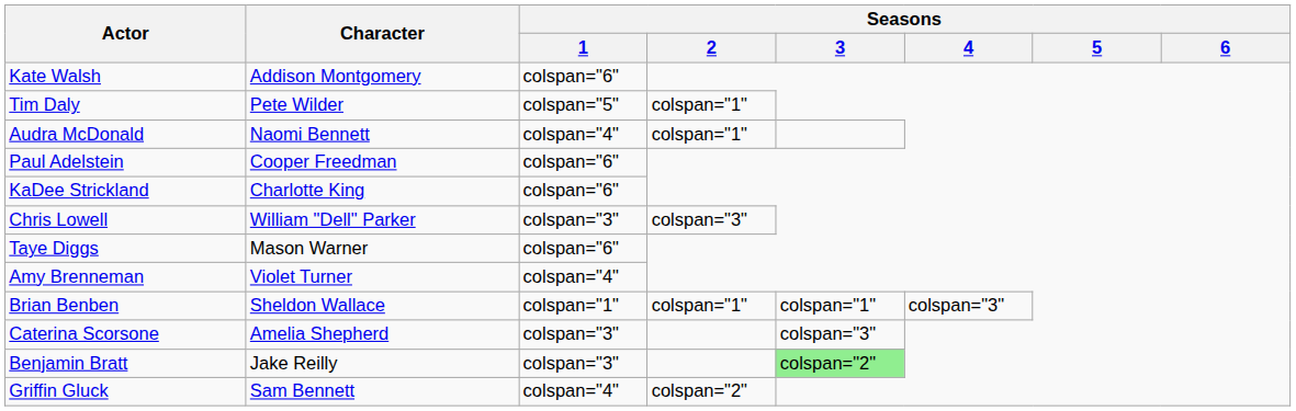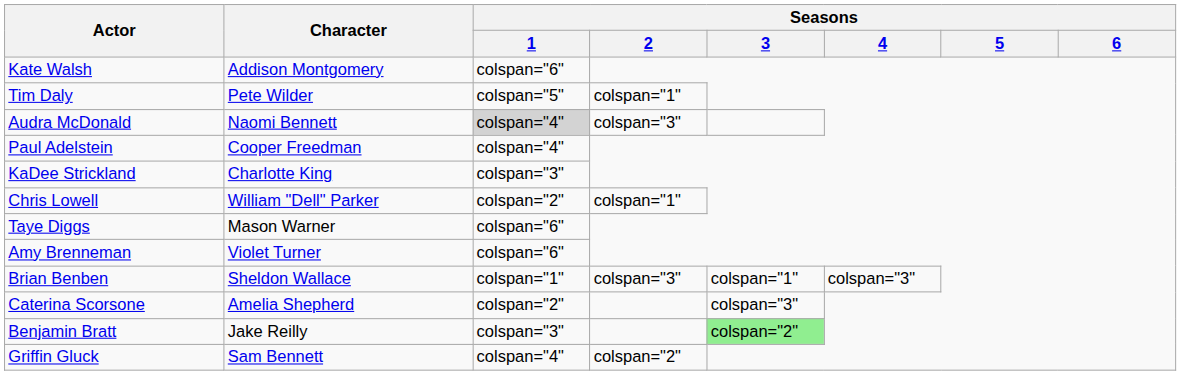 <table class="wikitable" width=90%>
 <tr>
 <th rowspan="2">Actor</th>
 <th rowspan="2">Character</th>
 <th colspan="6">Seasons</th>
 </tr>
 <tr>
 <th style="width:10%;"><a href='#'>1</a></th>
 <th style="width:10%;"><a href='#'>2</a></th>
 <th style="width:10%;"><a href='#'>3</a></th>
 <th style="width:10%;"><a href='#'>4</a></th>
 <th style="width:10%;"><a href='#'>5</a></th>
 <th style="width:10%;"><a href='#'>6</a></th>
 </tr>
 <tr>
 <td><a href='#'>Kate Walsh</a></td>
 <td><a href='#'>Addison Montgomery</a></td>
 <td>colspan="6" </td>
 </tr>
 <tr>
 <td><a href='#'>Tim Daly</a></td>
 <td><a href='#'>Pete Wilder</a></td>
 <td>colspan="5" </td>
 <td>colspan="1" </td>
 </tr>
 <tr>
 <td><a href='#'>Audra McDonald</a></td>
 <td><a href='#'>Naomi Bennett</a></td>
-<td>colspan="4" </td>
-<td>colspan="1" </td>
+<td style="background: lightgrey;">colspan="4" </td>
+<td>colspan="3" </td>
 <td></td>
 </tr>
 <tr>
 <td><a href='#'>Paul Adelstein</a></td>
 <td><a href='#'>Cooper Freedman</a></td>
-<td>colspan="6" </td>
+<td>colspan="4" </td>
 </tr>
 <tr>
 <td><a href='#'>KaDee Strickland</a></td>
 <td><a href='#'>Charlotte King</a></td>
-<td>colspan="6" </td>
+<td>colspan="3" </td>
 </tr>
 <tr>
 <td><a href='#'>Chris Lowell</a></td>
 <td><a href='#'>William "Dell" Parker</a></td>
-<td>colspan="3" </td>
-<td>colspan="3" </td>
+<td>colspan="2" </td>
+<td>colspan="1" </td>
 </tr>
 <tr>
 <td><a href='#'>Taye Diggs</a></td>
 <td>Mason Warner</td>
 <td>colspan="6" </td>
 </tr>
 <tr>
 <td><a href='#'>Amy Brenneman</a></td>
 <td><a href='#'>Violet Turner</a></td>
-<td>colspan="4" </td>
+<td>colspan="6" </td>
 </tr>
 <tr>
 <td><a href='#'>Brian Benben</a></td>
 <td><a href='#'>Sheldon Wallace</a></td>
 <td>colspan="1" </td>
-<td>colspan="1" </td>
+<td>colspan="3" </td>
 <td>colspan="1" </td>
 <td>colspan="3" </td>
 </tr>
 <tr>
 <td><a href='#'>Caterina Scorsone</a></td>
 <td><a href='#'>Amelia Shepherd</a></td>
-<td>colspan="3" </td>
+<td>colspan="2" </td>
 <td></td>
 <td>colspan="3" </td>
 </tr>
 <tr>
 <td><a href='#'>Benjamin Bratt</a></td>
 <td>Jake Reilly</td>
 <td>colspan="3" </td>
 <td></td>
 <td style="background: lightgreen;">colspan="2" </td>
 </tr>
 <tr>
 <td><a href='#'>Griffin Gluck</a></td>
 <td><a href='#'>Sam Bennett</a></td>
 <td>colspan="4" </td>
 <td>colspan="2" </td>
 </tr>
 </table>
